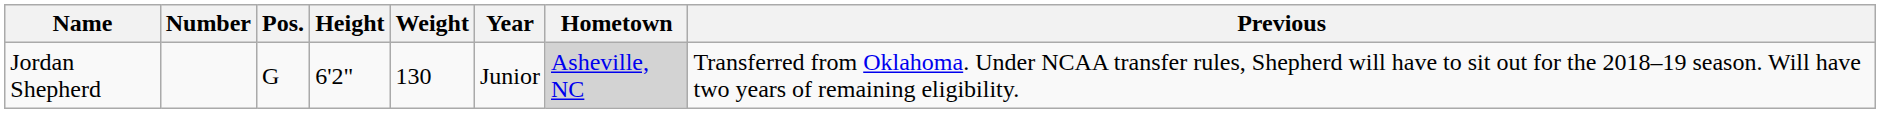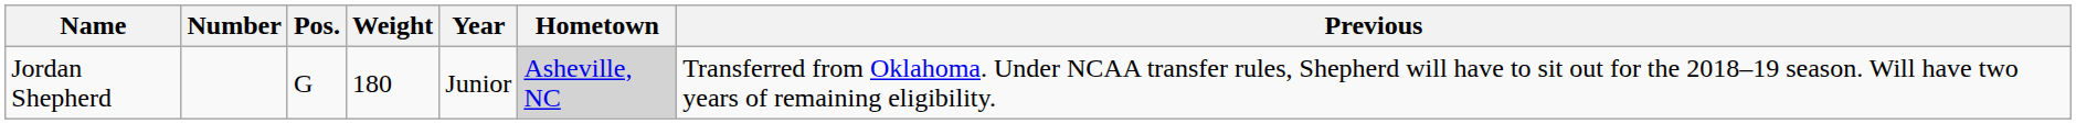 <table class="wikitable sortable" border="1">
 <tr>
 <th>Name</th>
 <th>Number</th>
 <th>Pos.</th>
-<th>Height</th>
 <th>Weight</th>
 <th>Year</th>
 <th>Hometown</th>
 <th>Previous</th>
 </tr>
 <tr>
 <td>Jordan Shepherd</td>
 <td></td>
 <td>G</td>
-<td>6'2"</td>
-<td>130</td>
+<td>180</td>
 <td>Junior</td>
 <td style="background: lightgrey;"><a href='#'>Asheville, NC</a></td>
 <td>Transferred from <a href='#'>Oklahoma</a>. Under NCAA transfer rules, Shepherd will have to sit out for the 2018–19 season. Will have two years of remaining eligibility.</td>
 </tr>
 </table>
